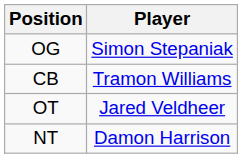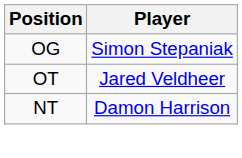 <table class="wikitable" style="text-align:center">
 <tr>
 <th>Position</th>
 <th>Player</th>
 </tr>
 <tr>
 <td>OG</td>
 <td><a href='#'>Simon Stepaniak</a></td>
 </tr>
 <tr>
-<td>CB</td>
-<td><a href='#'>Tramon Williams</a></td>
-</tr>
-<tr>
 <td>OT</td>
 <td><a href='#'>Jared Veldheer</a></td>
 </tr>
 <tr>
 <td>NT</td>
 <td><a href='#'>Damon Harrison</a></td>
 </tr>
 </table>
